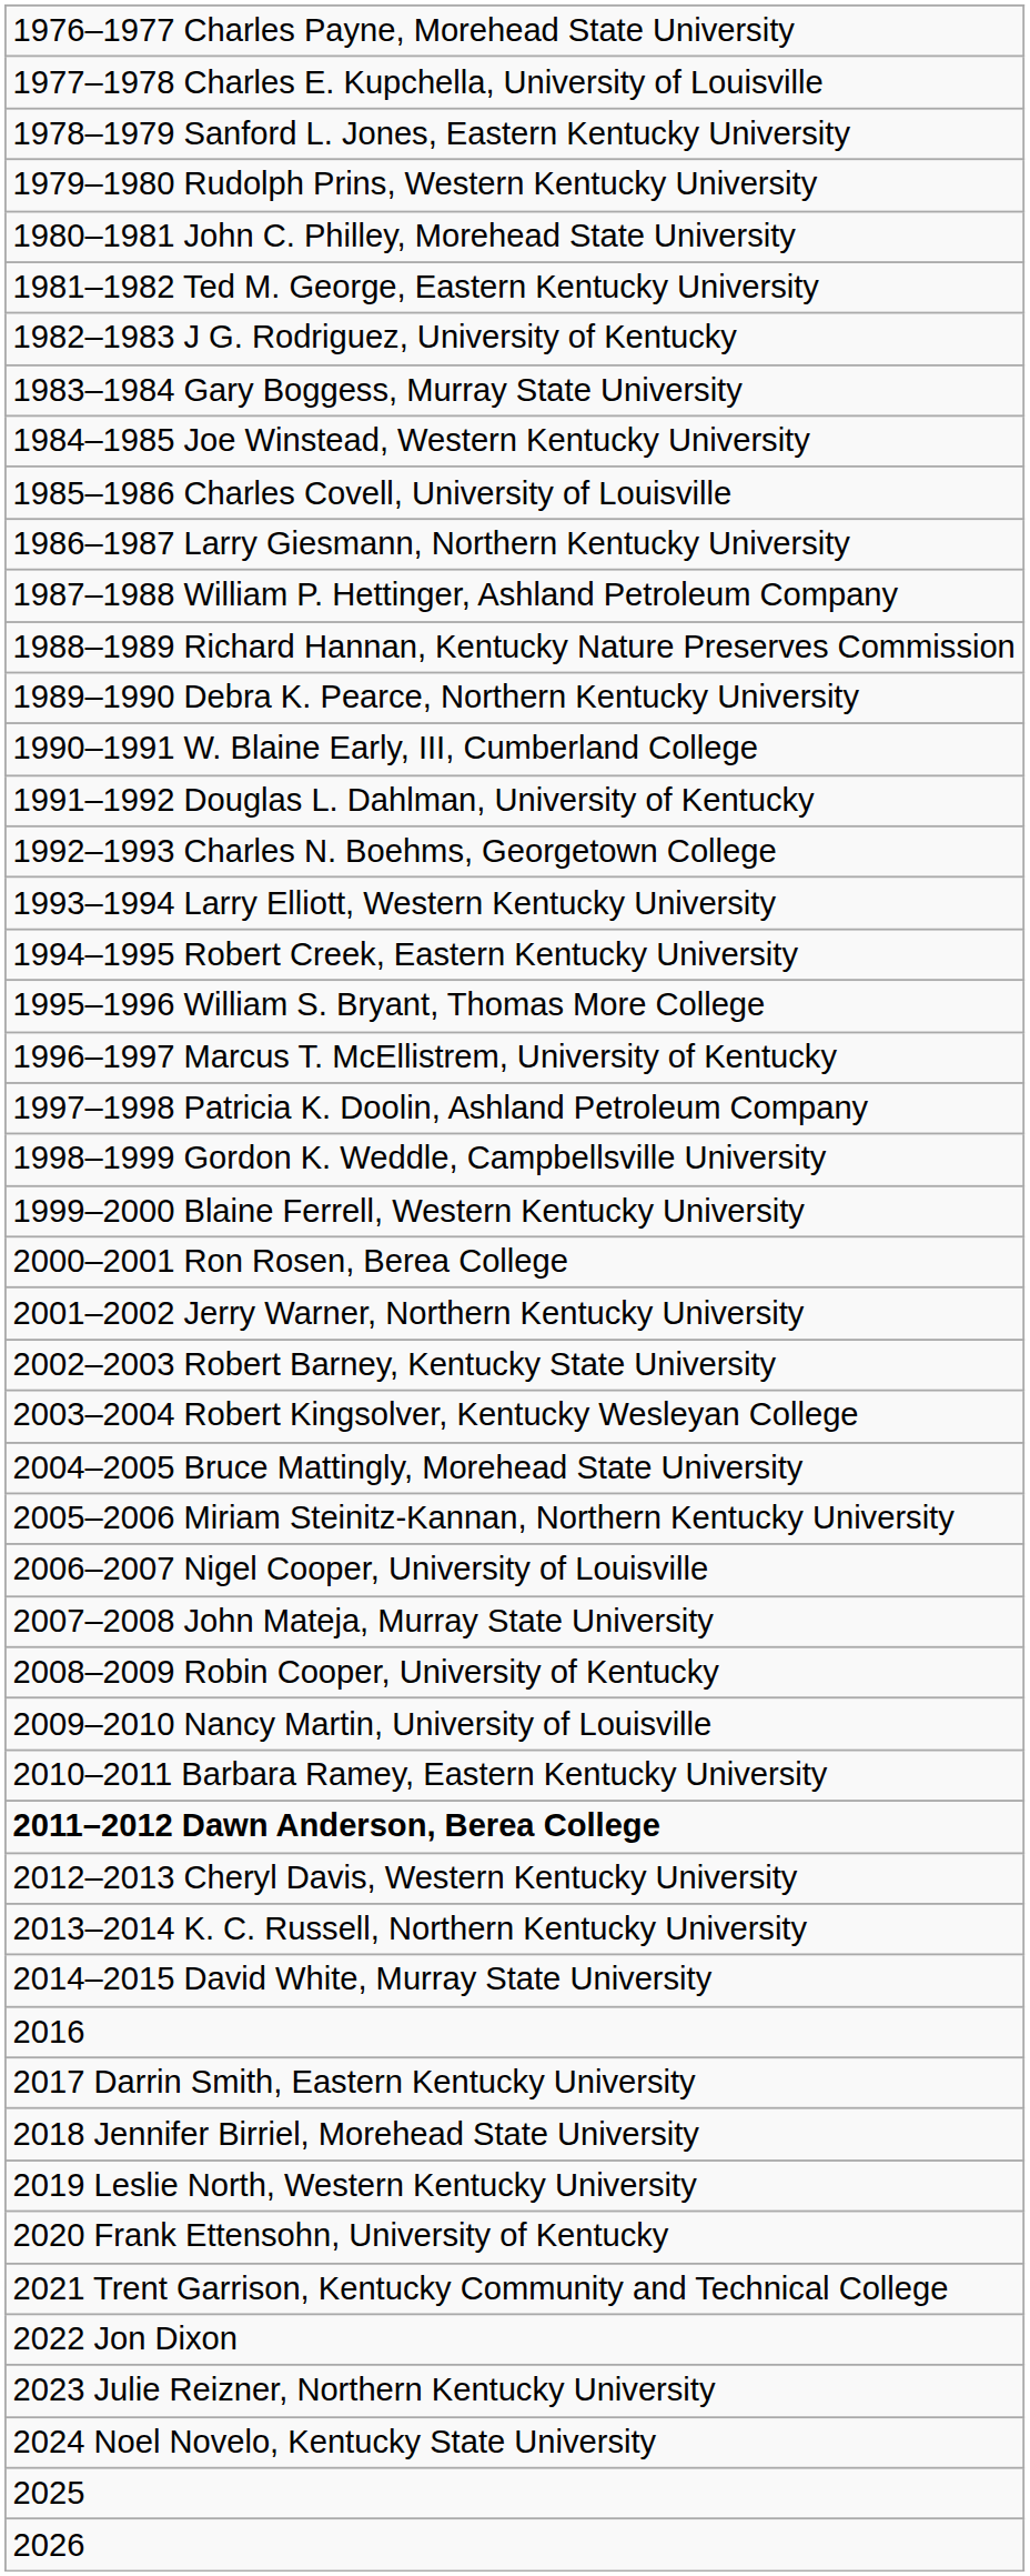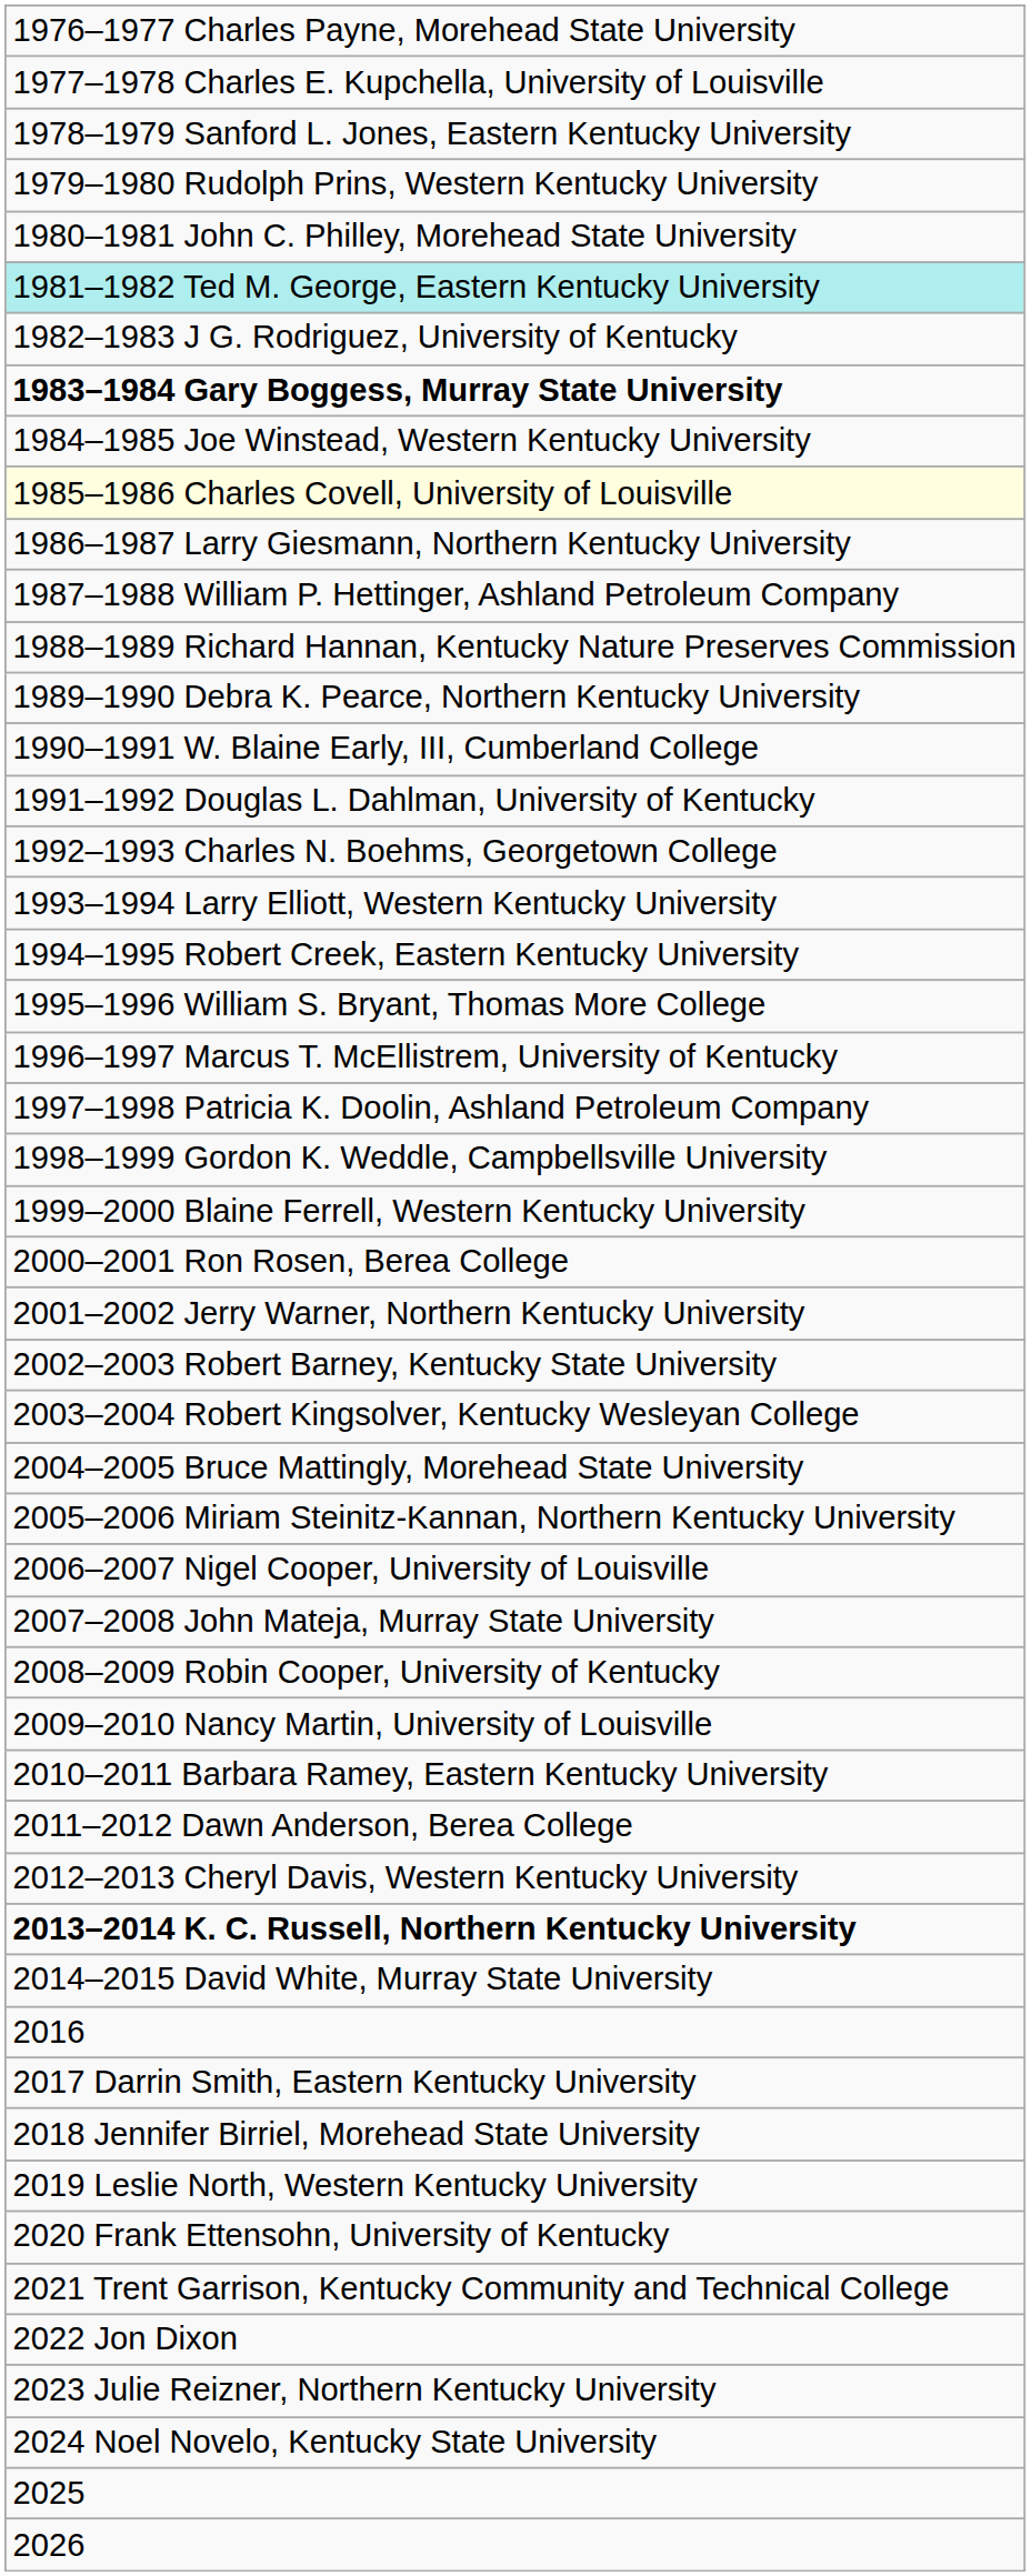 <table class="wikitable">
 <tr>
 <td>1976–1977  Charles Payne, Morehead State University</td>
 </tr>
 <tr>
 <td>1977–1978 Charles E.  Kupchella, University of Louisville</td>
 </tr>
 <tr>
 <td>1978–1979 Sanford L. Jones,  Eastern Kentucky University</td>
 </tr>
 <tr>
 <td>1979–1980 Rudolph Prins,  Western Kentucky University</td>
 </tr>
 <tr>
 <td>1980–1981 John C. Philley,  Morehead State University</td>
 </tr>
 <tr>
-<td>1981–1982 Ted M. George,  Eastern Kentucky University</td>
+<td style="background: paleturquoise;">1981–1982 Ted M. George,  Eastern Kentucky University</td>
 </tr>
 <tr>
 <td>1982–1983 J G. Rodriguez,  University of Kentucky</td>
 </tr>
 <tr>
-<td>1983–1984 Gary Boggess, Murray  State University</td>
+<td><strong>1983–1984 Gary Boggess, Murray  State University</strong></td>
 </tr>
 <tr>
 <td>1984–1985 Joe Winstead,  Western Kentucky University</td>
 </tr>
 <tr>
-<td>1985–1986 Charles Covell,  University of Louisville</td>
+<td style="background: lightyellow;">1985–1986 Charles Covell,  University of Louisville</td>
 </tr>
 <tr>
 <td>1986–1987 Larry Giesmann,  Northern Kentucky University</td>
 </tr>
 <tr>
 <td>1987–1988 William P.  Hettinger, Ashland Petroleum Company</td>
 </tr>
 <tr>
 <td>1988–1989 Richard Hannan,  Kentucky Nature Preserves Commission</td>
 </tr>
 <tr>
 <td>1989–1990 Debra K. Pearce,  Northern Kentucky University</td>
 </tr>
 <tr>
 <td>1990–1991 W. Blaine Early,  III, Cumberland College</td>
 </tr>
 <tr>
 <td>1991–1992 Douglas L. Dahlman,  University of Kentucky</td>
 </tr>
 <tr>
 <td>1992–1993 Charles N. Boehms,  Georgetown College</td>
 </tr>
 <tr>
 <td>1993–1994 Larry Elliott,  Western Kentucky University</td>
 </tr>
 <tr>
 <td>1994–1995 Robert Creek,  Eastern Kentucky University</td>
 </tr>
 <tr>
 <td>1995–1996 William S. Bryant,  Thomas More College</td>
 </tr>
 <tr>
 <td>1996–1997 Marcus T.  McEllistrem, University of Kentucky</td>
 </tr>
 <tr>
 <td>1997–1998 Patricia K. Doolin,  Ashland Petroleum Company</td>
 </tr>
 <tr>
 <td>1998–1999 Gordon K. Weddle,  Campbellsville University</td>
 </tr>
 <tr>
 <td>1999–2000 Blaine Ferrell,  Western Kentucky University</td>
 </tr>
 <tr>
 <td>2000–2001 Ron Rosen, Berea  College</td>
 </tr>
 <tr>
 <td>2001–2002 Jerry Warner,  Northern Kentucky University</td>
 </tr>
 <tr>
 <td>2002–2003 Robert Barney,  Kentucky State University</td>
 </tr>
 <tr>
 <td>2003–2004 Robert Kingsolver,  Kentucky Wesleyan College</td>
 </tr>
 <tr>
 <td>2004–2005 Bruce Mattingly,  Morehead State University</td>
 </tr>
 <tr>
 <td>2005–2006 Miriam  Steinitz-Kannan, Northern Kentucky University</td>
 </tr>
 <tr>
 <td>2006–2007 Nigel Cooper,  University of Louisville</td>
 </tr>
 <tr>
 <td>2007–2008 John Mateja, Murray  State University</td>
 </tr>
 <tr>
 <td>2008–2009 Robin Cooper,  University of Kentucky</td>
 </tr>
 <tr>
 <td>2009–2010 Nancy Martin,  University of Louisville</td>
 </tr>
 <tr>
 <td>2010–2011 Barbara Ramey,  Eastern Kentucky University</td>
 </tr>
 <tr>
-<td><strong>2011–2012 Dawn Anderson, Berea  College</strong></td>
+<td>2011–2012 Dawn Anderson, Berea  College</td>
 </tr>
 <tr>
 <td>2012–2013 Cheryl Davis,  Western Kentucky University</td>
 </tr>
 <tr>
-<td>2013–2014 K. C. Russell,  Northern Kentucky University</td>
+<td><strong>2013–2014 K. C. Russell,  Northern Kentucky University</strong></td>
 </tr>
 <tr>
 <td>2014–2015 David White, Murray State University</td>
 </tr>
 <tr>
 <td>2016</td>
 </tr>
 <tr>
 <td>2017 Darrin Smith, Eastern  Kentucky University</td>
 </tr>
 <tr>
 <td>2018 Jennifer Birriel,  Morehead State University</td>
 </tr>
 <tr>
 <td>2019 Leslie North, Western  Kentucky University</td>
 </tr>
 <tr>
 <td>2020 Frank Ettensohn,  University of Kentucky</td>
 </tr>
 <tr>
 <td>2021 Trent Garrison, Kentucky Community and Technical College</td>
 </tr>
 <tr>
 <td>2022 Jon Dixon</td>
 </tr>
 <tr>
 <td>2023 Julie Reizner, Northern  Kentucky University</td>
 </tr>
 <tr>
 <td>2024 Noel Novelo, Kentucky State University</td>
 </tr>
 <tr>
 <td>2025</td>
 </tr>
 <tr>
 <td>2026</td>
 </tr>
 </table>
